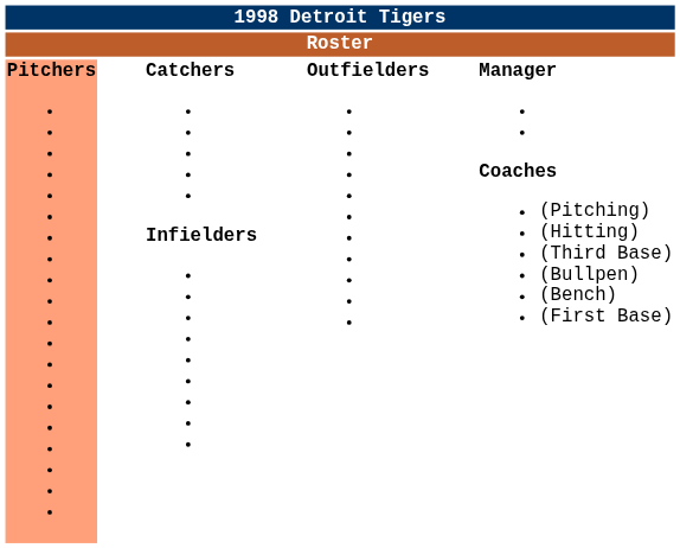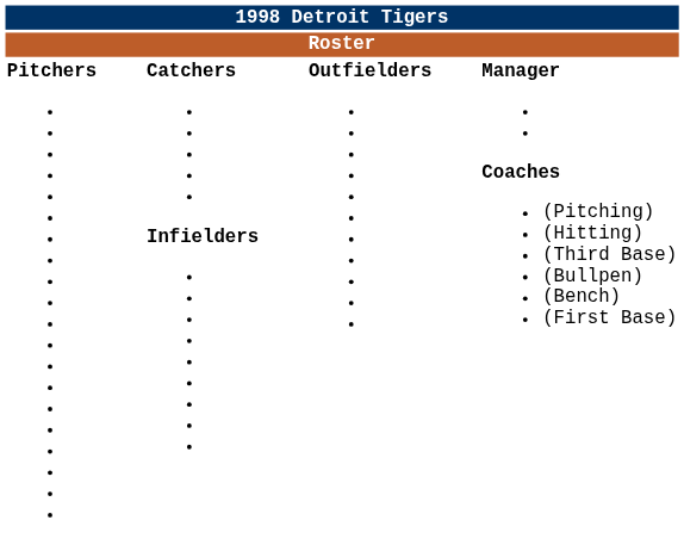 <table class="toccolours" style="font-size: 95%;">
 <tr>
 <th colspan="10" style="background:#036; color:white; text-align:center;">1998 Detroit Tigers</th>
 </tr>
 <tr>
 <td colspan="10" style="background:#bd5d29; color:white; text-align:center;"><strong>Roster</strong></td>
 </tr>
 <tr>
-<td valign="top" style="background: lightsalmon;"><strong>Pitchers</strong><br><ul><li></li><li></li><li></li><li></li><li></li><li></li><li></li><li></li><li></li><li></li><li></li><li></li><li></li><li></li><li></li><li></li><li></li><li></li><li></li><li></li></ul></td>
+<td valign="top"><strong>Pitchers</strong><br><ul><li></li><li></li><li></li><li></li><li></li><li></li><li></li><li></li><li></li><li></li><li></li><li></li><li></li><li></li><li></li><li></li><li></li><li></li><li></li><li></li></ul></td>
 <td style="width:25px;"></td>
 <td valign="top"><strong>Catchers</strong><br><ul><li></li><li></li><li></li><li></li><li></li></ul><strong>Infielders</strong><ul><li></li><li></li><li></li><li></li><li></li><li></li><li></li><li></li><li></li></ul></td>
 <td style="width:25px;"></td>
 <td valign="top"><strong>Outfielders</strong><br><ul><li></li><li></li><li></li><li></li><li></li><li></li><li></li><li></li><li></li><li></li><li></li></ul></td>
 <td style="width:25px;"></td>
 <td valign="top"><strong>Manager</strong><br><ul><li></li><li></li></ul><strong>Coaches</strong><ul><li> (Pitching)</li><li> (Hitting)</li><li> (Third Base)</li><li> (Bullpen)</li><li> (Bench)</li><li> (First Base)</li></ul></td>
 </tr>
 </table>
